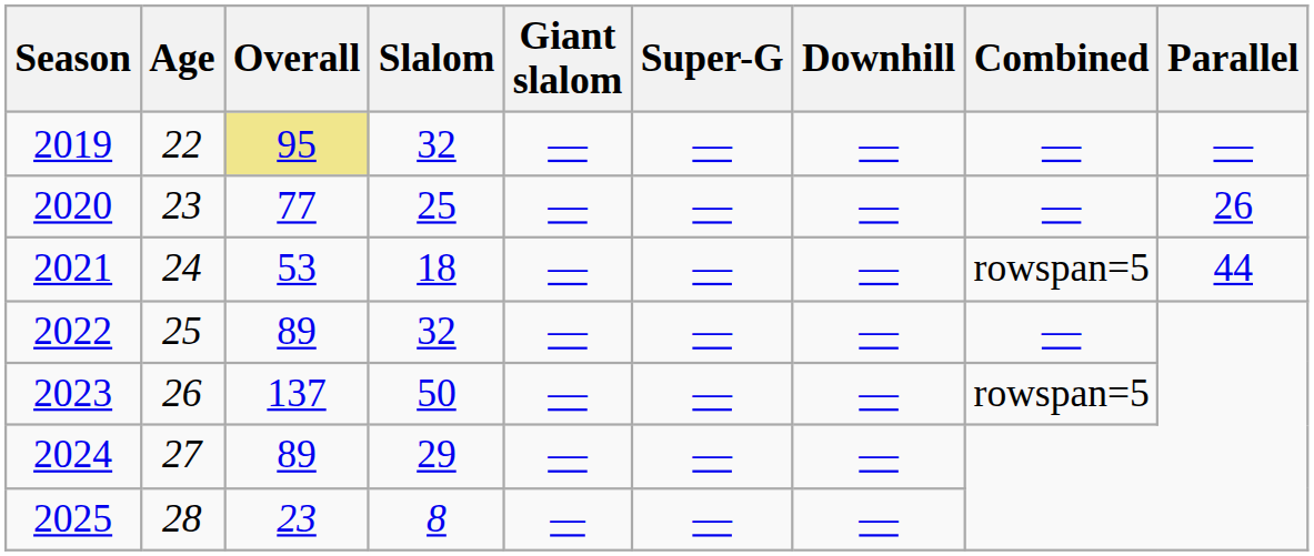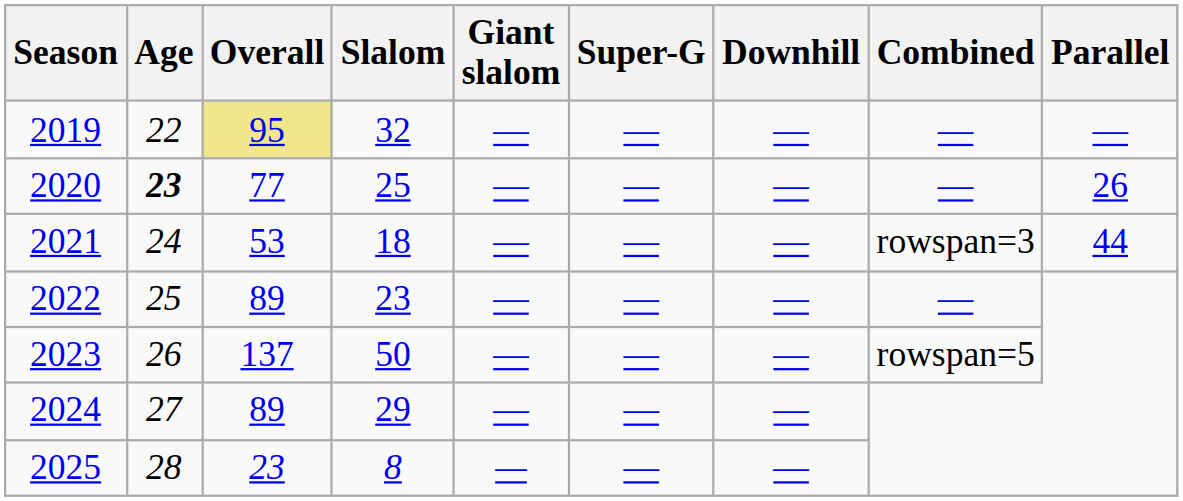 <table class=wikitable style="text-align:center">
 <tr>
 <th>Season</th>
 <th>Age</th>
 <th>Overall</th>
 <th>Slalom</th>
 <th>Giant<br>slalom</th>
 <th>Super-G</th>
 <th>Downhill</th>
 <th>Combined</th>
 <th>Parallel</th>
 </tr>
 <tr>
 <td><a href='#'>2019</a></td>
 <td><em>22</em></td>
 <td style="background: khaki;"><a href='#'>95</a></td>
 <td><a href='#'>32</a></td>
 <td><a href='#'>—</a></td>
 <td><a href='#'>—</a></td>
 <td><a href='#'>—</a></td>
 <td><a href='#'>—</a></td>
 <td><a href='#'>—</a></td>
 </tr>
 <tr>
 <td><a href='#'>2020</a></td>
-<td><em>23</em></td>
+<td><strong><em>23</em></strong></td>
 <td><a href='#'>77</a></td>
 <td><a href='#'>25</a></td>
 <td><a href='#'>—</a></td>
 <td><a href='#'>—</a></td>
 <td><a href='#'>—</a></td>
 <td><a href='#'>—</a></td>
 <td><a href='#'>26</a></td>
 </tr>
 <tr>
 <td><a href='#'>2021</a></td>
 <td><em>24</em></td>
 <td><a href='#'>53</a></td>
 <td><a href='#'>18</a></td>
 <td><a href='#'>—</a></td>
 <td><a href='#'>—</a></td>
 <td><a href='#'>—</a></td>
-<td>rowspan=5 </td>
+<td>rowspan=3 </td>
 <td><a href='#'>44</a></td>
 </tr>
 <tr>
 <td><a href='#'>2022</a></td>
 <td><em>25</em></td>
 <td><a href='#'>89</a></td>
-<td><a href='#'>32</a></td>
+<td><a href='#'>23</a></td>
 <td><a href='#'>—</a></td>
 <td><a href='#'>—</a></td>
 <td><a href='#'>—</a></td>
 <td><a href='#'>—</a></td>
 </tr>
 <tr>
 <td><a href='#'>2023</a></td>
 <td><em>26</em></td>
 <td><a href='#'>137</a></td>
 <td><a href='#'>50</a></td>
 <td><a href='#'>—</a></td>
 <td><a href='#'>—</a></td>
 <td><a href='#'>—</a></td>
 <td>rowspan=5 </td>
 </tr>
 <tr>
 <td><a href='#'>2024</a></td>
 <td><em>27</em></td>
 <td><a href='#'>89</a></td>
 <td><a href='#'>29</a></td>
 <td><a href='#'>—</a></td>
 <td><a href='#'>—</a></td>
 <td><a href='#'>—</a></td>
 </tr>
 <tr>
 <td><a href='#'>2025</a></td>
 <td><em>28</em></td>
 <td><a href='#'><em>23</em></a></td>
 <td><a href='#'><em>8</em></a></td>
 <td><a href='#'><em>—</em></a></td>
 <td><a href='#'>—</a></td>
 <td><a href='#'>—</a></td>
 </tr>
 </table>
